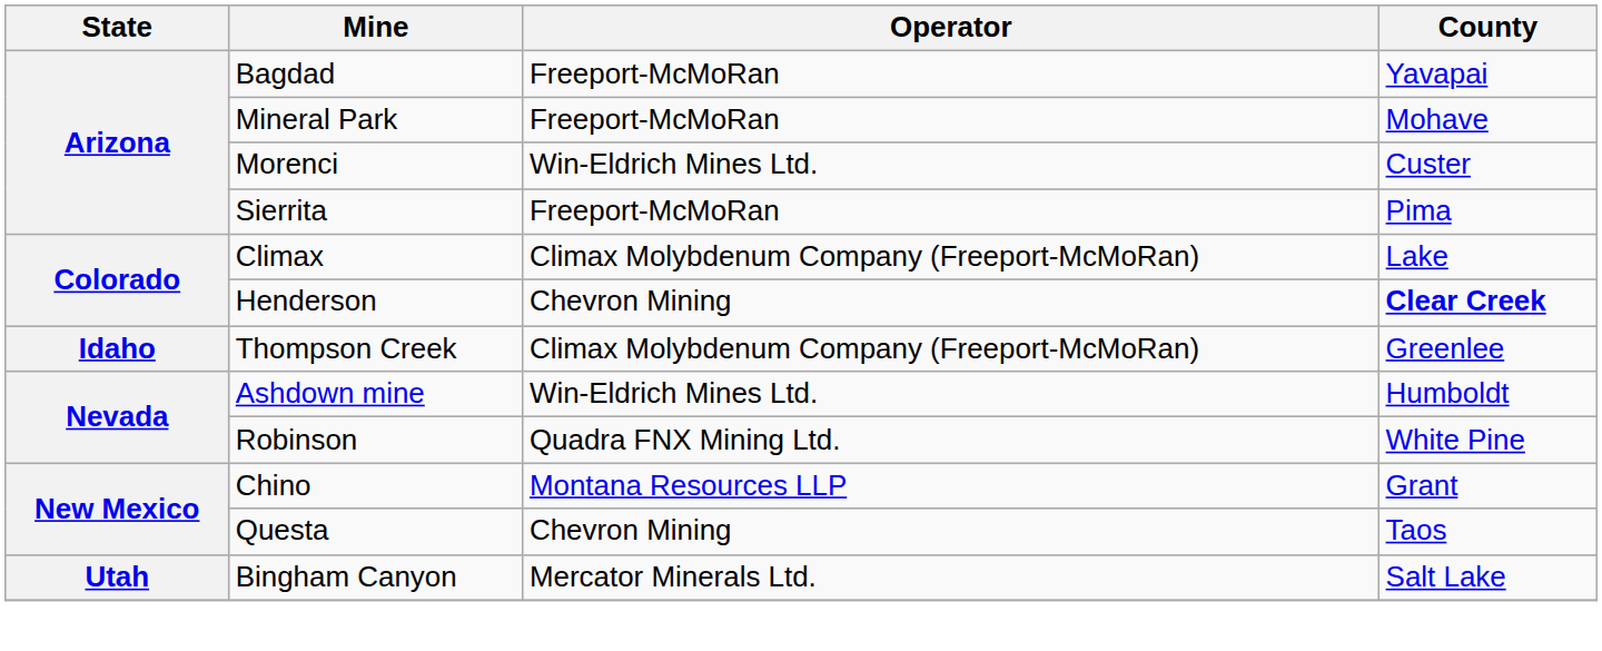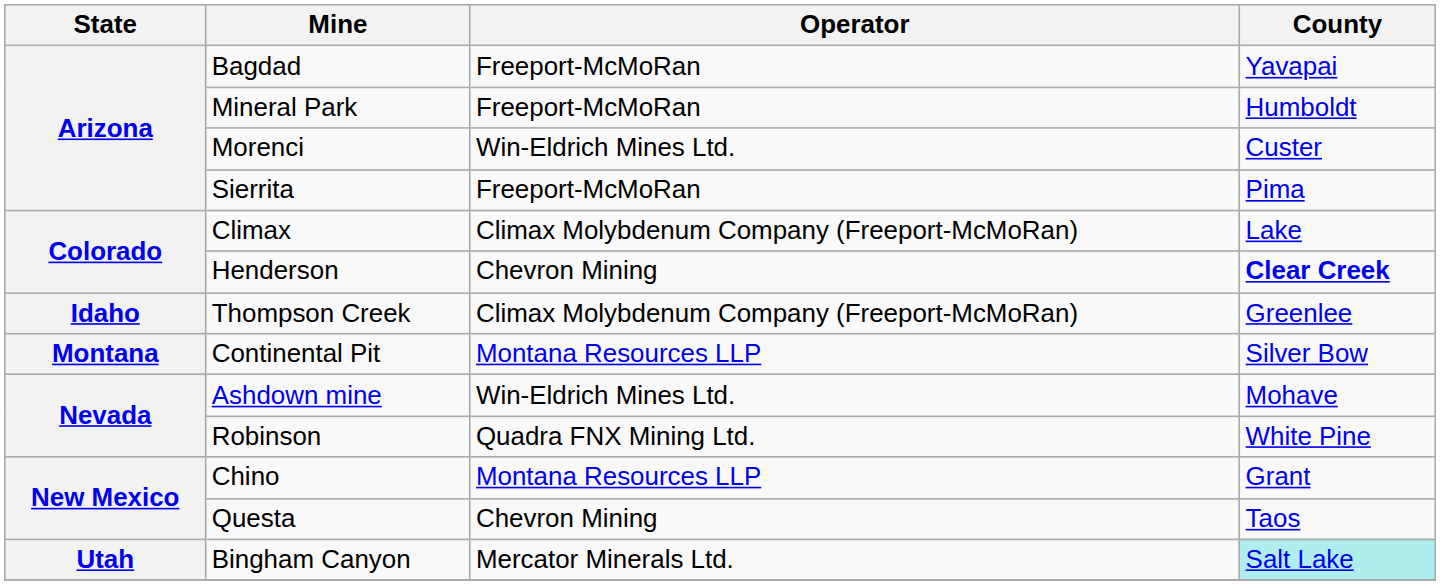 <table class="wikitable" width="100%">
 <tr>
 <th>State</th>
 <th>Mine</th>
 <th>Operator</th>
 <th>County</th>
 </tr>
 <tr>
 <th rowspan="4" valign="middle"><a href='#'>Arizona</a></th>
 <td>Bagdad</td>
 <td>Freeport-McMoRan</td>
 <td><a href='#'> Yavapai</a></td>
 </tr>
 <tr>
 <td>Mineral Park</td>
 <td>Freeport-McMoRan</td>
-<td><a href='#'>Mohave</a></td>
+<td><a href='#'>Humboldt</a></td>
 </tr>
 <tr>
 <td>Morenci</td>
 <td>Win-Eldrich Mines Ltd.</td>
 <td><a href='#'>Custer</a></td>
 </tr>
 <tr>
 <td>Sierrita</td>
 <td>Freeport-McMoRan</td>
 <td><a href='#'>Pima</a></td>
 </tr>
 <tr>
 <th rowspan="2" valign="middle"><a href='#'>Colorado</a></th>
 <td>Climax</td>
 <td>Climax Molybdenum Company (Freeport-McMoRan)</td>
 <td><a href='#'>Lake</a></td>
 </tr>
 <tr>
 <td>Henderson</td>
 <td>Chevron Mining</td>
 <td><strong><a href='#'>Clear Creek</a></strong></td>
 </tr>
 <tr>
 <th align='center'><a href='#'>Idaho</a></th>
 <td>Thompson Creek</td>
 <td>Climax Molybdenum Company (Freeport-McMoRan)</td>
 <td><a href='#'>Greenlee</a></td>
 </tr>
 <tr>
+<th align='center'><a href='#'>Montana</a></th>
+<td>Continental Pit</td>
+<td><a href='#'>Montana Resources LLP</a></td>
+<td><a href='#'>Silver Bow</a></td>
+</tr>
+<tr>
 <th rowspan="2" valign="middle"><a href='#'>Nevada</a></th>
 <td><a href='#'>Ashdown mine</a></td>
 <td>Win-Eldrich Mines Ltd.</td>
-<td><a href='#'>Humboldt</a></td>
+<td><a href='#'>Mohave</a></td>
 </tr>
 <tr>
 <td>Robinson</td>
 <td>Quadra FNX Mining Ltd.</td>
 <td><a href='#'>White Pine</a></td>
 </tr>
 <tr>
 <th rowspan="2" valign="middle"><a href='#'>New Mexico</a></th>
 <td>Chino</td>
 <td><a href='#'>Montana Resources LLP</a></td>
 <td><a href='#'>Grant</a></td>
 </tr>
 <tr>
 <td>Questa</td>
 <td>Chevron Mining</td>
 <td><a href='#'>Taos</a></td>
 </tr>
 <tr>
 <th align='center'><a href='#'>Utah</a></th>
 <td>Bingham Canyon</td>
 <td>Mercator Minerals Ltd.</td>
-<td><a href='#'>Salt Lake</a></td>
+<td style="background: paleturquoise;"><a href='#'>Salt Lake</a></td>
 </tr>
 <tr>
 </tr>
 </table>
